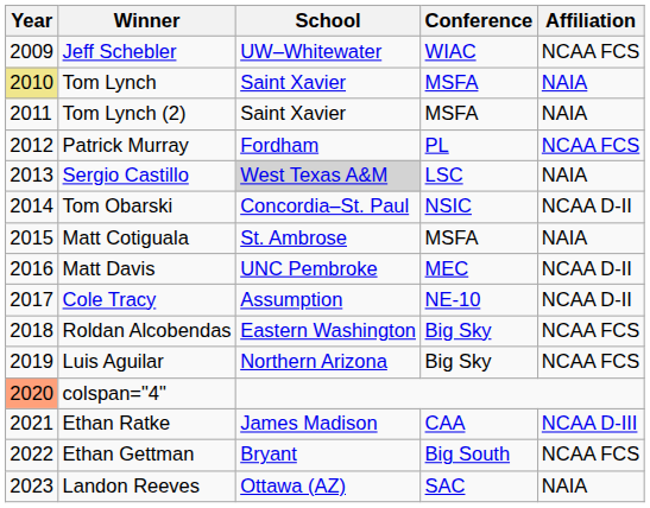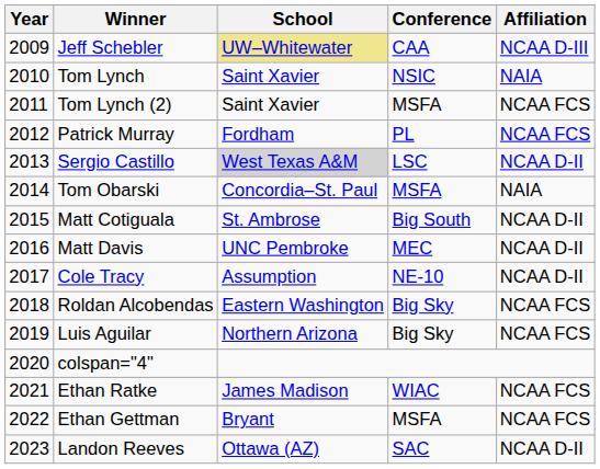 <table class="wikitable">
 <tr>
 <th bgcolor="#e5e5e5">Year</th>
 <th bgcolor="#e5e5e5">Winner</th>
 <th bgcolor="#e5e5e5">School</th>
 <th bgcolor="#e5e5e5">Conference</th>
 <th bgcolor="#e5e5e5">Affiliation</th>
 </tr>
 <tr>
 <td>2009</td>
 <td><a href='#'>Jeff Schebler</a></td>
-<td><a href='#'>UW–Whitewater</a></td>
-<td><a href='#'>WIAC</a></td>
-<td>NCAA FCS</td>
+<td style="background: khaki;"><a href='#'>UW–Whitewater</a></td>
+<td><a href='#'>CAA</a></td>
+<td><a href='#'>NCAA D-III</a></td>
 </tr>
 <tr>
-<td style="background: khaki;">2010</td>
+<td>2010</td>
 <td>Tom Lynch</td>
 <td><a href='#'>Saint Xavier</a></td>
-<td><a href='#'>MSFA</a></td>
+<td><a href='#'>NSIC</a></td>
 <td><a href='#'>NAIA</a></td>
 </tr>
 <tr>
 <td>2011</td>
 <td>Tom Lynch (2)</td>
 <td>Saint Xavier</td>
 <td>MSFA</td>
-<td>NAIA</td>
+<td>NCAA FCS</td>
 </tr>
 <tr>
 <td>2012</td>
 <td>Patrick Murray</td>
 <td><a href='#'>Fordham</a></td>
 <td><a href='#'>PL</a></td>
 <td><a href='#'>NCAA FCS</a></td>
 </tr>
 <tr>
 <td>2013</td>
 <td><a href='#'>Sergio Castillo</a></td>
 <td style="background: lightgrey;"><a href='#'>West Texas A&M</a></td>
 <td><a href='#'>LSC</a></td>
-<td>NAIA</td>
+<td><a href='#'>NCAA D-II</a></td>
 </tr>
 <tr>
 <td>2014</td>
 <td>Tom Obarski</td>
 <td><a href='#'>Concordia–St. Paul</a></td>
-<td><a href='#'>NSIC</a></td>
-<td>NCAA D-II</td>
+<td><a href='#'>MSFA</a></td>
+<td>NAIA</td>
 </tr>
 <tr>
 <td>2015</td>
 <td>Matt Cotiguala</td>
 <td><a href='#'>St. Ambrose</a></td>
-<td>MSFA</td>
-<td>NAIA</td>
+<td><a href='#'>Big South</a></td>
+<td>NCAA D-II</td>
 </tr>
 <tr>
 <td>2016</td>
 <td>Matt Davis</td>
 <td><a href='#'>UNC Pembroke</a></td>
 <td><a href='#'>MEC</a></td>
 <td>NCAA D-II</td>
 </tr>
 <tr>
 <td>2017</td>
 <td><a href='#'>Cole Tracy</a></td>
 <td><a href='#'>Assumption</a></td>
 <td><a href='#'>NE-10</a></td>
 <td>NCAA D-II</td>
 </tr>
 <tr>
 <td>2018</td>
 <td>Roldan Alcobendas</td>
 <td><a href='#'>Eastern Washington</a></td>
 <td><a href='#'>Big Sky</a></td>
 <td>NCAA FCS</td>
 </tr>
 <tr>
 <td>2019</td>
 <td>Luis Aguilar</td>
 <td><a href='#'>Northern Arizona</a></td>
 <td>Big Sky</td>
 <td>NCAA FCS</td>
 </tr>
 <tr>
-<td style="background: lightsalmon;">2020</td>
+<td>2020</td>
 <td>colspan="4" </td>
 </tr>
 <tr>
 <td>2021</td>
 <td>Ethan Ratke</td>
 <td><a href='#'>James Madison</a></td>
-<td><a href='#'>CAA</a></td>
-<td><a href='#'>NCAA D-III</a></td>
+<td><a href='#'>WIAC</a></td>
+<td>NCAA FCS</td>
 </tr>
 <tr>
 <td>2022</td>
 <td>Ethan Gettman</td>
 <td><a href='#'>Bryant</a></td>
-<td><a href='#'>Big South</a></td>
+<td>MSFA</td>
 <td>NCAA FCS</td>
 </tr>
 <tr>
 <td>2023</td>
 <td>Landon Reeves</td>
 <td><a href='#'>Ottawa (AZ)</a></td>
 <td><a href='#'>SAC</a></td>
-<td>NAIA</td>
+<td>NCAA D-II</td>
 </tr>
 </table>
